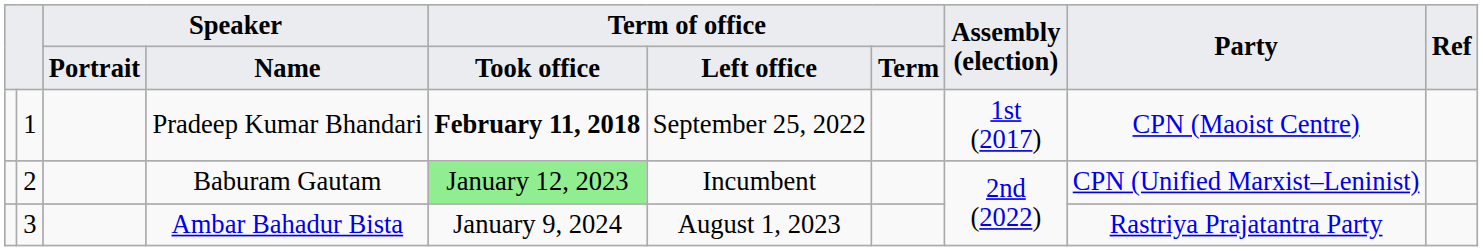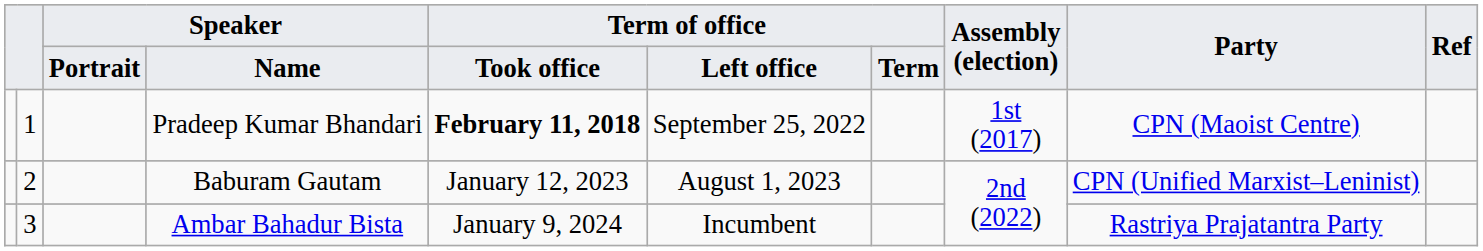 <table class=wikitable style="text-align:center">
 <tr>
 <th colspan="2" rowspan="2" style="background-color:#EAECF0;"></th>
 <th colspan="2" style="background-color:#EAECF0;">Speaker</th>
 <th colspan="3" style="background-color:#EAECF0;">Term of office</th>
 <th colspan="1" rowspan="2" style="background-color:#EAECF0;">Assembly<br>(election)</th>
 <th colspan="1" rowspan="2" style="background-color:#EAECF0;">Party</th>
 <th rowspan="2" style="background-color:#EAECF0;">Ref</th>
 </tr>
 <tr>
 <th style="background-color:#EAECF0;">Portrait</th>
 <th style="background-color:#EAECF0;">Name</th>
 <th style="background-color:#EAECF0;">Took office</th>
 <th style="background-color:#EAECF0;">Left office</th>
 <th style="background-color:#EAECF0;">Term</th>
 </tr>
 <tr>
 <td></td>
 <td>1</td>
 <td></td>
 <td>Pradeep Kumar Bhandari</td>
 <td><strong>February 11, 2018</strong></td>
 <td>September 25, 2022</td>
 <td></td>
 <td><a href='#'>1st</a><br>(<a href='#'>2017</a>)</td>
 <td><a href='#'>CPN (Maoist Centre)</a></td>
 <td></td>
 </tr>
 <tr>
 <td></td>
 <td>2</td>
 <td></td>
 <td>Baburam Gautam</td>
-<td style="background: lightgreen;">January 12, 2023</td>
-<td>Incumbent</td>
+<td>January 12, 2023</td>
+<td>August 1, 2023</td>
 <td></td>
 <td rowspan="2"><a href='#'>2nd</a><br>(<a href='#'>2022</a>)</td>
 <td><a href='#'>CPN (Unified Marxist–Leninist)</a></td>
 <td></td>
 </tr>
 <tr>
 <td></td>
 <td>3</td>
 <td></td>
 <td><a href='#'>Ambar Bahadur Bista</a></td>
 <td>January 9, 2024</td>
-<td>August 1, 2023</td>
+<td>Incumbent</td>
 <td></td>
 <td><a href='#'>Rastriya Prajatantra Party</a></td>
 <td></td>
 </tr>
 </table>
